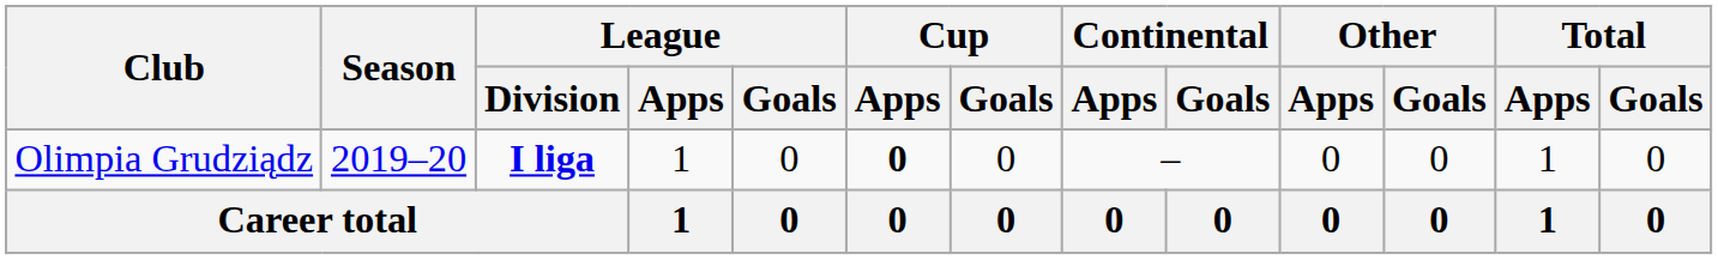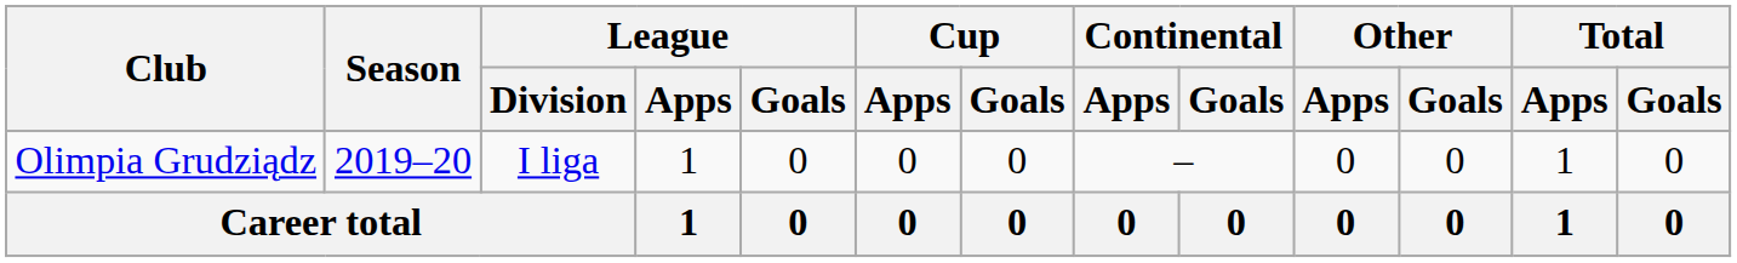 <table class="wikitable" style="text-align: center;">
 <tr>
 <th rowspan="2">Club</th>
 <th rowspan="2">Season</th>
 <th colspan="3">League</th>
 <th colspan="2">Cup</th>
 <th colspan="2">Continental</th>
 <th colspan="2">Other</th>
 <th colspan="2">Total</th>
 </tr>
 <tr>
 <th>Division</th>
 <th>Apps</th>
 <th>Goals</th>
 <th>Apps</th>
 <th>Goals</th>
 <th>Apps</th>
 <th>Goals</th>
 <th>Apps</th>
 <th>Goals</th>
 <th>Apps</th>
 <th>Goals</th>
 </tr>
 <tr>
 <td><a href='#'>Olimpia Grudziądz</a></td>
 <td><a href='#'>2019–20</a></td>
-<td><strong><a href='#'>I liga</a></strong></td>
+<td><a href='#'>I liga</a></td>
 <td>1</td>
 <td>0</td>
-<td><strong>0</strong></td>
+<td>0</td>
 <td>0</td>
 <td colspan="2">–</td>
 <td>0</td>
 <td>0</td>
 <td>1</td>
 <td>0</td>
 </tr>
 <tr>
 <th colspan="3">Career total</th>
 <th>1</th>
 <th>0</th>
 <th>0</th>
 <th>0</th>
 <th>0</th>
 <th>0</th>
 <th>0</th>
 <th>0</th>
 <th>1</th>
 <th>0</th>
 </tr>
 </table>
